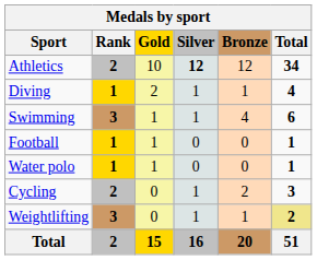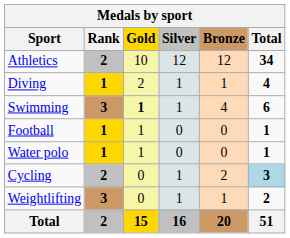 <table class="wikitable sortable"style="font-size:90%; text-align:center;">
 <tr style="background:#efefef;">
 <th colspan=6>Medals by sport</th>
 </tr>
 <tr>
 <th><strong>Sport</strong></th>
 <th><strong>Rank</strong></th>
 <th style="background-color:gold;"><strong>Gold </strong></th>
 <th style="background-color:silver;"><strong>Silver </strong></th>
 <th style="background-color:#c96;"><strong>Bronze </strong></th>
 <th><strong>Total</strong></th>
 </tr>
 <tr>
 <td align=left> <a href='#'>Athletics</a></td>
 <th style="background-color:silver;"><strong>2</strong></th>
 <td style="background:#F7F6A8;">10</td>
-<td style="background:#DCE5E5;"><strong>12</strong></td>
+<td style="background:#DCE5E5;">12</td>
 <td style="background:#FFDAB9;">12</td>
 <td><strong>34</strong></td>
 </tr>
 <tr>
 <td align=left> <a href='#'>Diving</a></td>
 <td style="background-color:gold;"><strong>1</strong></td>
 <td style="background:#F7F6A8;">2</td>
 <td style="background:#DCE5E5;">1</td>
 <td style="background:#FFDAB9;">1</td>
 <td><strong>4</strong></td>
 </tr>
 <tr>
 <td align=left> <a href='#'>Swimming</a></td>
 <td style="background-color:#c96;"><strong>3</strong></td>
-<td style="background:#F7F6A8;">1</td>
+<td style="background:#F7F6A8;"><strong>1</strong></td>
 <td style="background:#DCE5E5;">1</td>
 <td style="background:#FFDAB9;">4</td>
 <td><strong>6</strong></td>
 </tr>
 <tr>
 <td align=left> <a href='#'>Football</a></td>
 <td style="background-color:gold;"><strong>1</strong></td>
 <td style="background:#F7F6A8;">1</td>
 <td style="background:#DCE5E5;">0</td>
 <td style="background:#FFDAB9;">0</td>
 <td><strong>1</strong></td>
 </tr>
 <tr>
 <td align=left> <a href='#'>Water polo</a></td>
 <td style="background-color:gold;"><strong>1</strong></td>
 <td style="background:#F7F6A8;">1</td>
 <td style="background:#DCE5E5;">0</td>
 <td style="background:#FFDAB9;">0</td>
 <td><strong>1</strong></td>
 </tr>
 <tr>
 <td align=left> <a href='#'>Cycling</a></td>
 <td style="background-color:silver;"><strong>2</strong></td>
 <td style="background:#F7F6A8;">0</td>
 <td style="background:#DCE5E5;">1</td>
 <td style="background:#FFDAB9;">2</td>
-<td><strong>3</strong></td>
+<td style="background: lightblue;"><strong>3</strong></td>
 </tr>
 <tr>
 <td align=left> <a href='#'>Weightlifting</a></td>
 <td style="background-color:#c96;"><strong>3</strong></td>
 <td style="background:#F7F6A8;">0</td>
 <td style="background:#DCE5E5;">1</td>
 <td style="background:#FFDAB9;">1</td>
-<td style="background: khaki;"><strong>2</strong></td>
+<td><strong>2</strong></td>
 </tr>
 <tr>
 <th>Total</th>
 <th style="background:silver;">2</th>
 <th style="background:gold;">15</th>
 <th style="background:silver;">16</th>
 <th style="background:#c96;">20</th>
 <th>51</th>
 </tr>
 </table>
